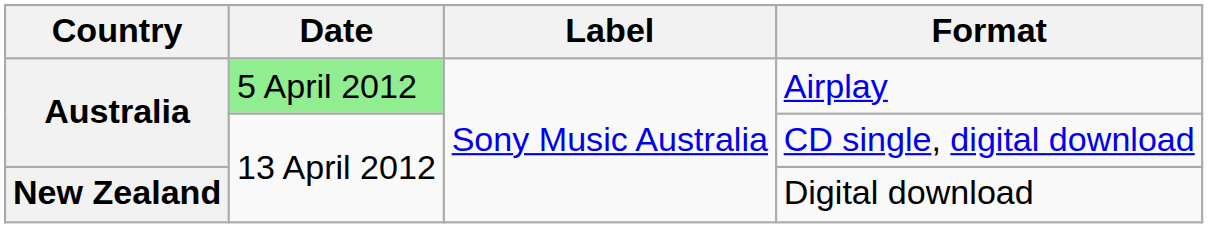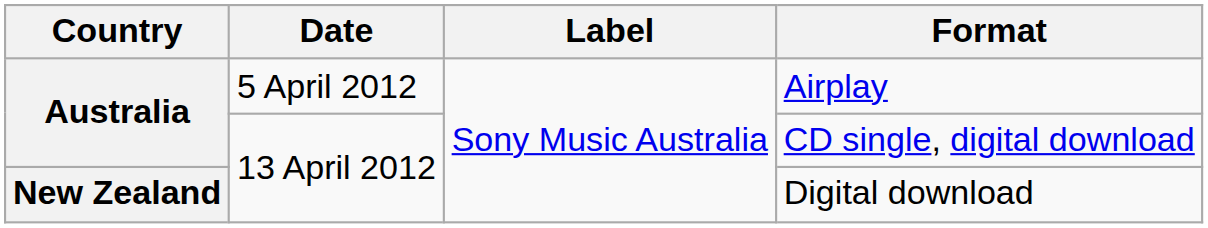 <table class="wikitable plainrowheaders">
 <tr>
 <th scope="col">Country</th>
 <th scope="col">Date</th>
 <th scope="col">Label</th>
 <th scope="col">Format</th>
 </tr>
 <tr>
 <th scope="row" rowspan="2">Australia</th>
-<td style="background: lightgreen;">5 April 2012</td>
+<td>5 April 2012</td>
 <td rowspan="3"><a href='#'>Sony Music Australia</a></td>
 <td><a href='#'>Airplay</a></td>
 </tr>
 <tr>
 <td rowspan="2">13 April 2012</td>
 <td><a href='#'>CD single</a>, <a href='#'>digital download</a></td>
 </tr>
 <tr>
 <th scope="row">New Zealand</th>
 <td>Digital download</td>
 </tr>
 </table>
